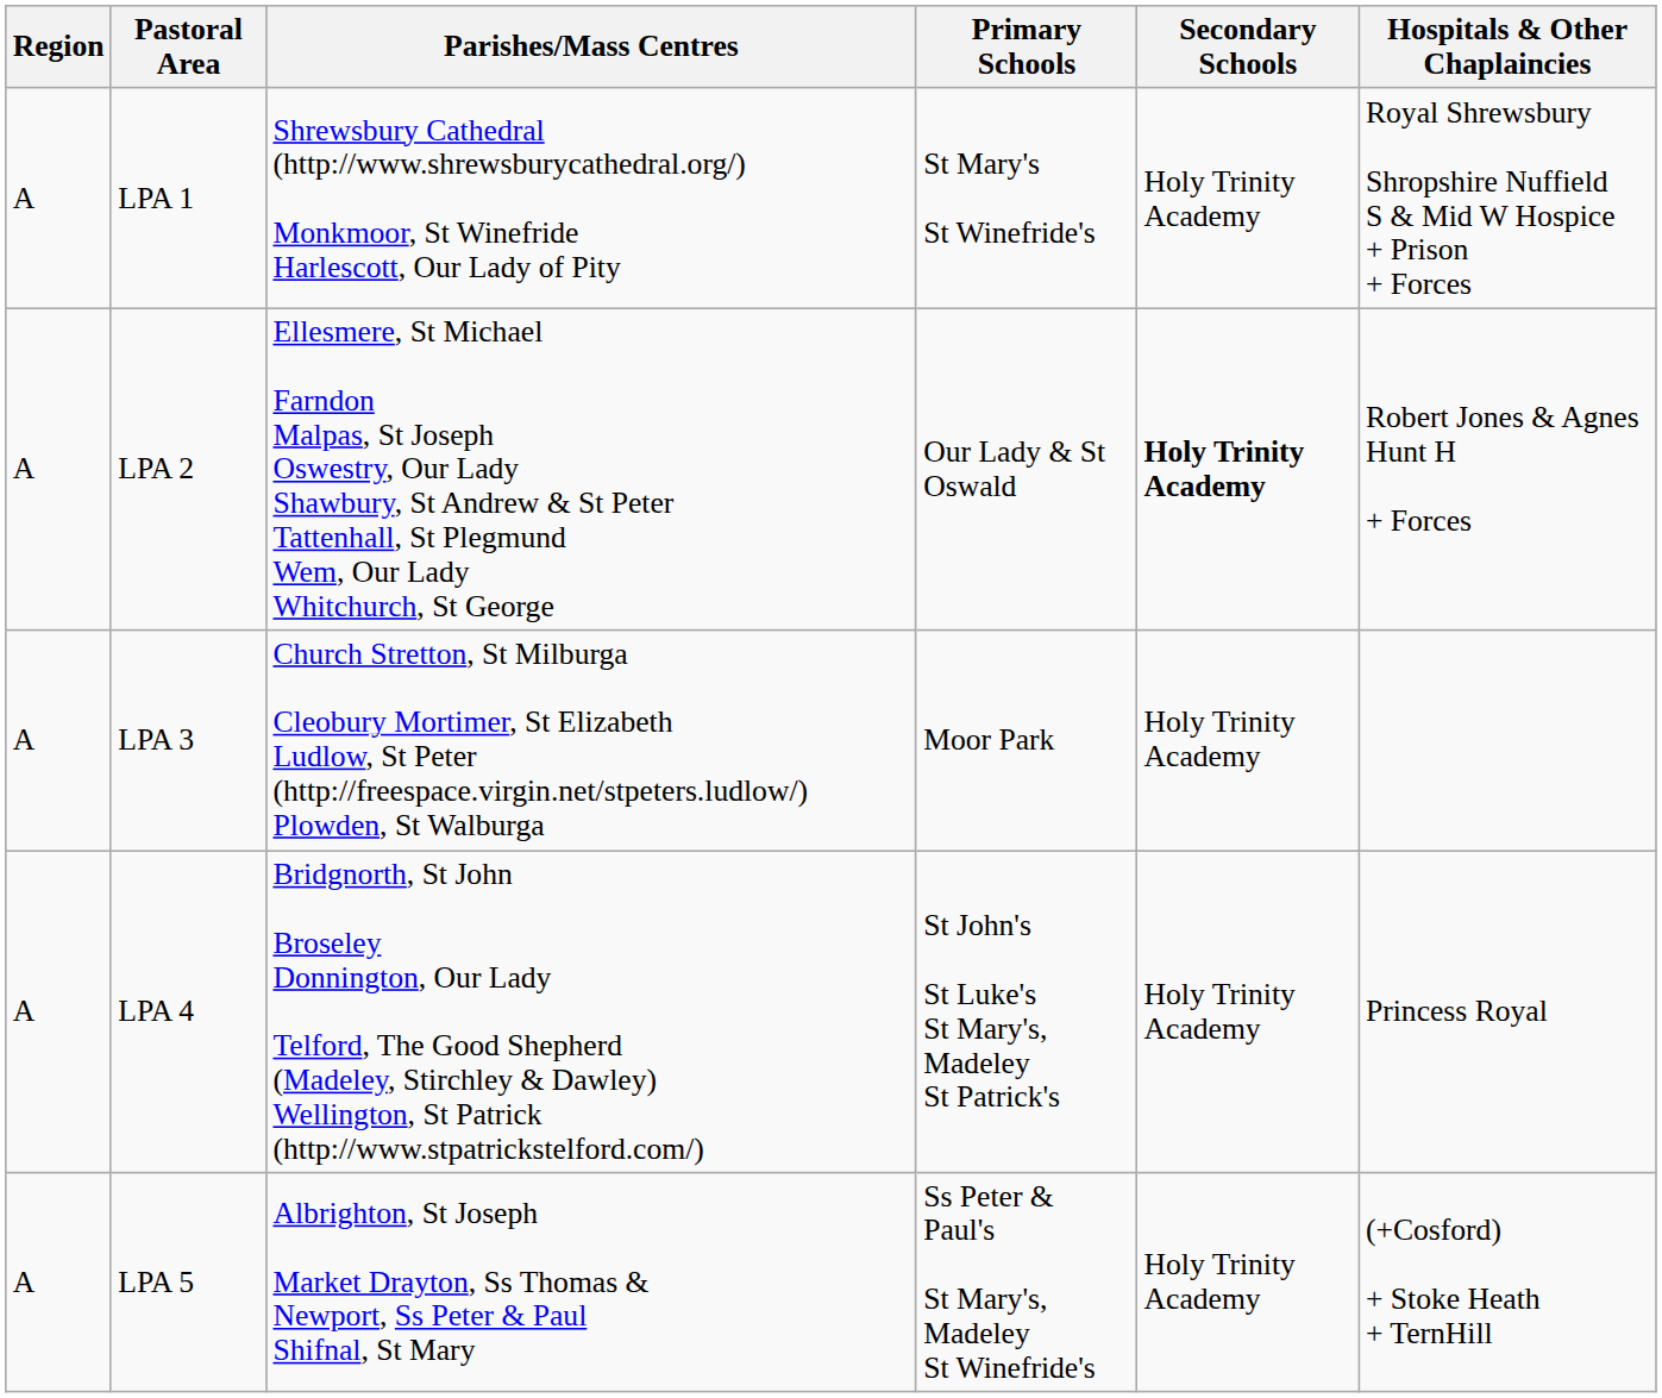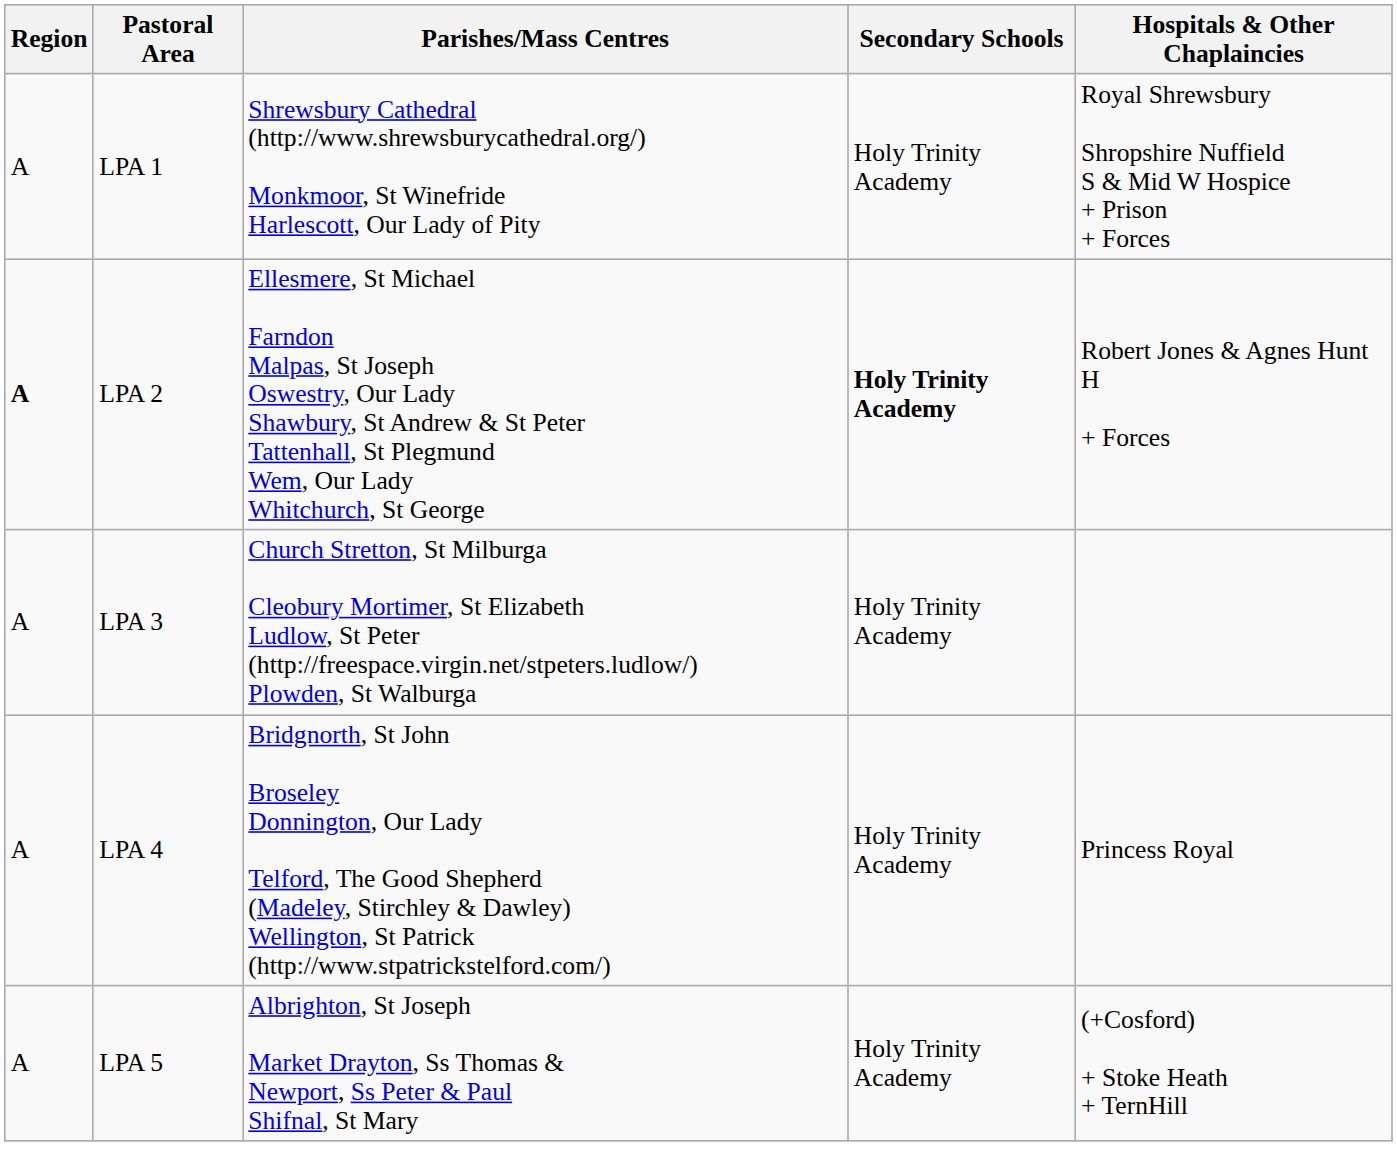 <table class="wikitable">
 <tr>
 <th>Region</th>
 <th>Pastoral Area</th>
 <th>Parishes/Mass Centres</th>
-<th>Primary Schools</th>
 <th>Secondary Schools</th>
 <th>Hospitals & Other Chaplaincies</th>
 </tr>
 <tr>
 <td>A</td>
 <td>LPA 1</td>
 <td><a href='#'>Shrewsbury Cathedral</a> (http://www.shrewsburycathedral.org/)<br><br><a href='#'>Monkmoor</a>, St Winefride <br> <a href='#'>Harlescott</a>, Our Lady of Pity</td>
-<td>St Mary's <br><br>St Winefride's</td>
 <td>Holy Trinity Academy</td>
 <td>Royal Shrewsbury <br><br>Shropshire Nuffield <br> S & Mid W Hospice <br> + Prison <br> + Forces</td>
 </tr>
 <tr>
-<td>A</td>
+<td><strong>A</strong></td>
 <td>LPA 2</td>
 <td><a href='#'>Ellesmere</a>, St Michael <br><br><a href='#'>Farndon</a><br> <a href='#'>Malpas</a>, St Joseph<br> <a href='#'>Oswestry</a>, Our Lady<br> <a href='#'>Shawbury</a>, St Andrew & St Peter<br> <a href='#'>Tattenhall</a>, St Plegmund<br> <a href='#'>Wem</a>, Our Lady<br> <a href='#'>Whitchurch</a>, St George</td>
-<td>Our Lady & St Oswald</td>
 <td><strong>Holy Trinity Academy</strong></td>
 <td>Robert Jones & Agnes Hunt H <br><br>+ Forces</td>
 </tr>
 <tr>
 <td>A</td>
 <td>LPA 3</td>
 <td><a href='#'>Church Stretton</a>, St Milburga <br><br><a href='#'>Cleobury Mortimer</a>, St Elizabeth <br> <a href='#'>Ludlow</a>, St Peter  <br>(http://freespace.virgin.net/stpeters.ludlow/)<br> <a href='#'>Plowden</a>, St Walburga</td>
-<td>Moor Park</td>
 <td>Holy Trinity Academy</td>
 <td></td>
 </tr>
 <tr>
 <td>A</td>
 <td>LPA 4</td>
 <td><a href='#'>Bridgnorth</a>, St John <br><br><a href='#'>Broseley</a><br> <a href='#'>Donnington</a>, Our Lady<br> <br> <a href='#'>Telford</a>, The Good Shepherd<br> (<a href='#'>Madeley</a>, Stirchley & Dawley)<br> <a href='#'>Wellington</a>, St Patrick (http://www.stpatrickstelford.com/)</td>
-<td>St John's <br><br>St Luke's<br> St Mary's, Madeley<br> St Patrick's</td>
 <td>Holy Trinity Academy</td>
 <td>Princess Royal</td>
 </tr>
 <tr>
 <td>A</td>
 <td>LPA 5</td>
 <td><a href='#'>Albrighton</a>, St Joseph<br><br><a href='#'>Market Drayton</a>, Ss Thomas &<br> <a href='#'>Newport</a>, <a href='#'>Ss Peter & Paul</a><br> <a href='#'>Shifnal</a>, St Mary</td>
-<td>Ss Peter & Paul's<br><br>St Mary's, Madeley<br> St Winefride's</td>
 <td>Holy Trinity Academy</td>
 <td>(+Cosford)<br><br>+ Stoke Heath<br> + TernHill</td>
 </tr>
 </table>
